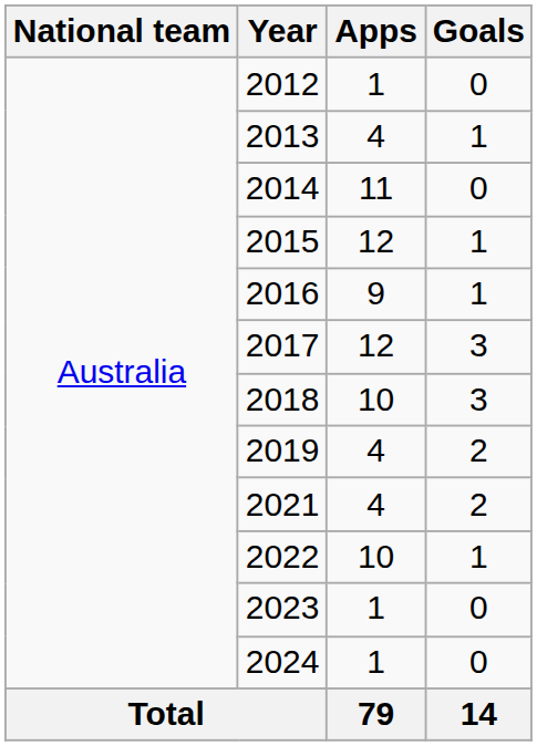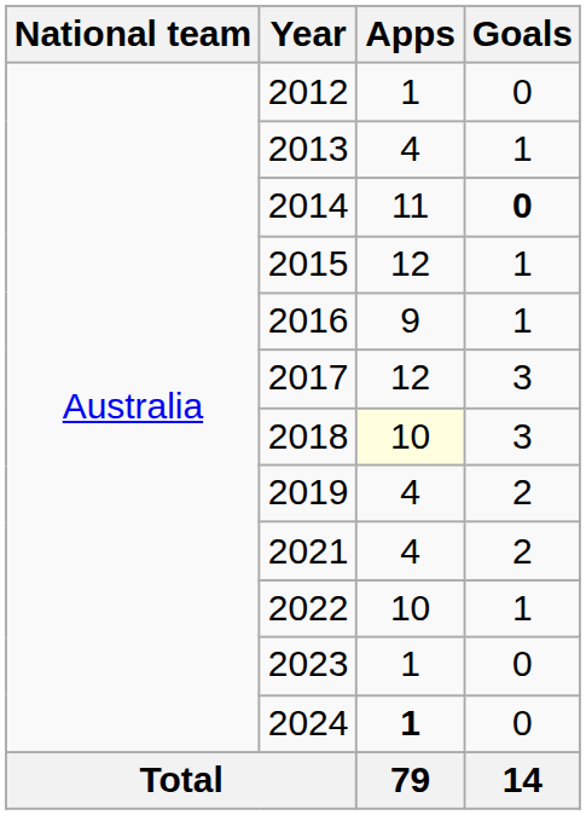 <table class="wikitable" style="text-align:center">
 <tr>
 <th>National team</th>
 <th>Year</th>
 <th>Apps</th>
 <th>Goals</th>
 </tr>
 <tr>
 <td rowspan="12"><a href='#'>Australia</a></td>
 <td>2012</td>
 <td>1</td>
 <td>0</td>
 </tr>
 <tr>
 <td>2013</td>
 <td>4</td>
 <td>1</td>
 </tr>
 <tr>
 <td>2014</td>
 <td>11</td>
-<td>0</td>
+<td><strong>0</strong></td>
 </tr>
 <tr>
 <td>2015</td>
 <td>12</td>
 <td>1</td>
 </tr>
 <tr>
 <td>2016</td>
 <td>9</td>
 <td>1</td>
 </tr>
 <tr>
 <td>2017</td>
 <td>12</td>
 <td>3</td>
 </tr>
 <tr>
 <td>2018</td>
-<td>10</td>
+<td style="background: lightyellow;">10</td>
 <td>3</td>
 </tr>
 <tr>
 <td>2019</td>
 <td>4</td>
 <td>2</td>
 </tr>
 <tr>
 <td>2021</td>
 <td>4</td>
 <td>2</td>
 </tr>
 <tr>
 <td>2022</td>
 <td>10</td>
 <td>1</td>
 </tr>
 <tr>
 <td>2023</td>
 <td>1</td>
 <td>0</td>
 </tr>
 <tr>
 <td>2024</td>
-<td>1</td>
+<td><strong>1</strong></td>
 <td>0</td>
 </tr>
 <tr>
 <th colspan="2">Total</th>
 <th>79</th>
 <th>14</th>
 </tr>
 </table>
